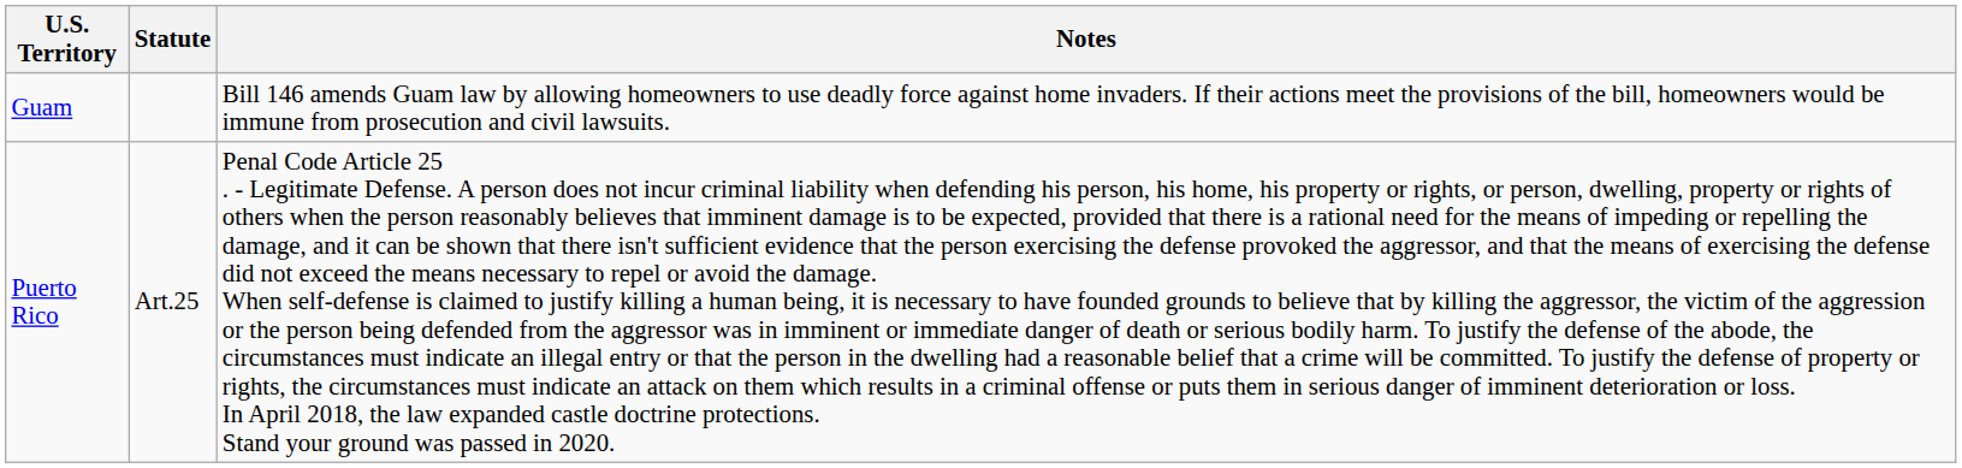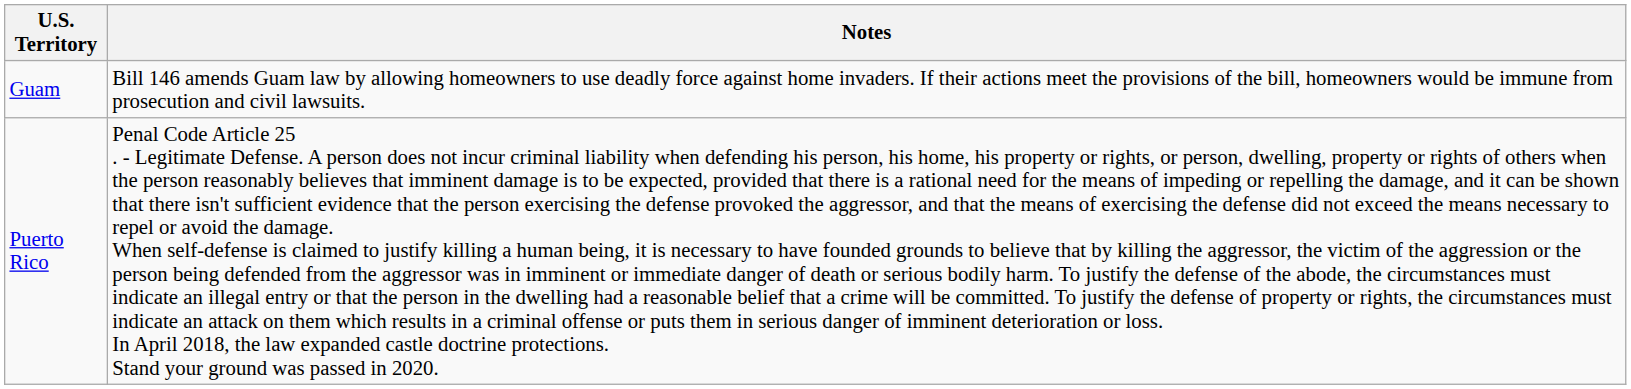 <table class="wikitable sortable">
 <tr>
 <th>U.S. Territory</th>
-<th>Statute</th>
 <th>Notes</th>
 </tr>
 <tr>
 <td><a href='#'>Guam</a></td>
-<td></td>
 <td>Bill 146 amends Guam law by allowing homeowners to use deadly force against home invaders. If their actions meet the provisions of the bill, homeowners would be immune from prosecution and civil lawsuits.</td>
 </tr>
 <tr>
 <td><a href='#'>Puerto Rico</a></td>
-<td> Art.25</td>
 <td>Penal Code Article 25<br>. - Legitimate Defense. A person does not incur criminal liability when defending his person, his home, his property or rights, or person, dwelling, property or rights of others when the person reasonably believes that imminent damage is to be expected, provided that there is a rational need for the means of impeding or repelling the damage, and it can be shown that there isn't sufficient evidence that the person exercising the defense provoked the aggressor, and that the means of exercising the defense did not exceed the means necessary to repel or avoid the damage.<br>When self-defense is claimed to justify killing a human being, it is necessary to have founded grounds to believe that by killing the aggressor, the victim of the aggression or the person being defended from the aggressor was in imminent or immediate danger of death or serious bodily harm. To justify the defense of the abode, the circumstances must indicate an illegal entry or that the person in the dwelling had a reasonable belief that a crime will be committed. To justify the defense of property or rights, the circumstances must indicate an attack on them which results in a criminal offense or puts them in serious danger of imminent deterioration or loss.<br>In April 2018, the law expanded castle doctrine protections.<br>Stand your ground was passed in 2020.</td>
 </tr>
 </table>
